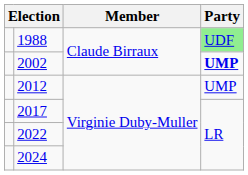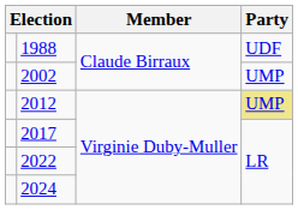 <table class="wikitable">
 <tr>
 <th colspan=2>Election</th>
 <th>Member</th>
 <th>Party</th>
 </tr>
 <tr>
 <td style="background-color: "></td>
 <td><a href='#'>1988</a></td>
 <td rowspan="2"><a href='#'>Claude Birraux</a></td>
-<td style="background: lightgreen;"><a href='#'>UDF</a></td>
+<td><a href='#'>UDF</a></td>
 </tr>
 <tr>
 <td style="background-color: "></td>
 <td><a href='#'>2002</a></td>
-<td><strong><a href='#'>UMP</a></strong></td>
+<td><a href='#'>UMP</a></td>
 </tr>
 <tr>
 <td style="background-color: "></td>
 <td><a href='#'>2012</a></td>
 <td rowspan="4"><a href='#'>Virginie Duby-Muller</a></td>
-<td><a href='#'>UMP</a></td>
+<td style="background: khaki;"><a href='#'>UMP</a></td>
 </tr>
 <tr>
 <td style="background-color: "></td>
 <td><a href='#'>2017</a></td>
 <td rowspan="3"><a href='#'>LR</a></td>
 </tr>
 <tr>
 <td style="background-color: "></td>
 <td><a href='#'>2022</a></td>
 </tr>
 <tr>
 <td style="background-color: "></td>
 <td><a href='#'>2024</a></td>
 </tr>
 </table>
